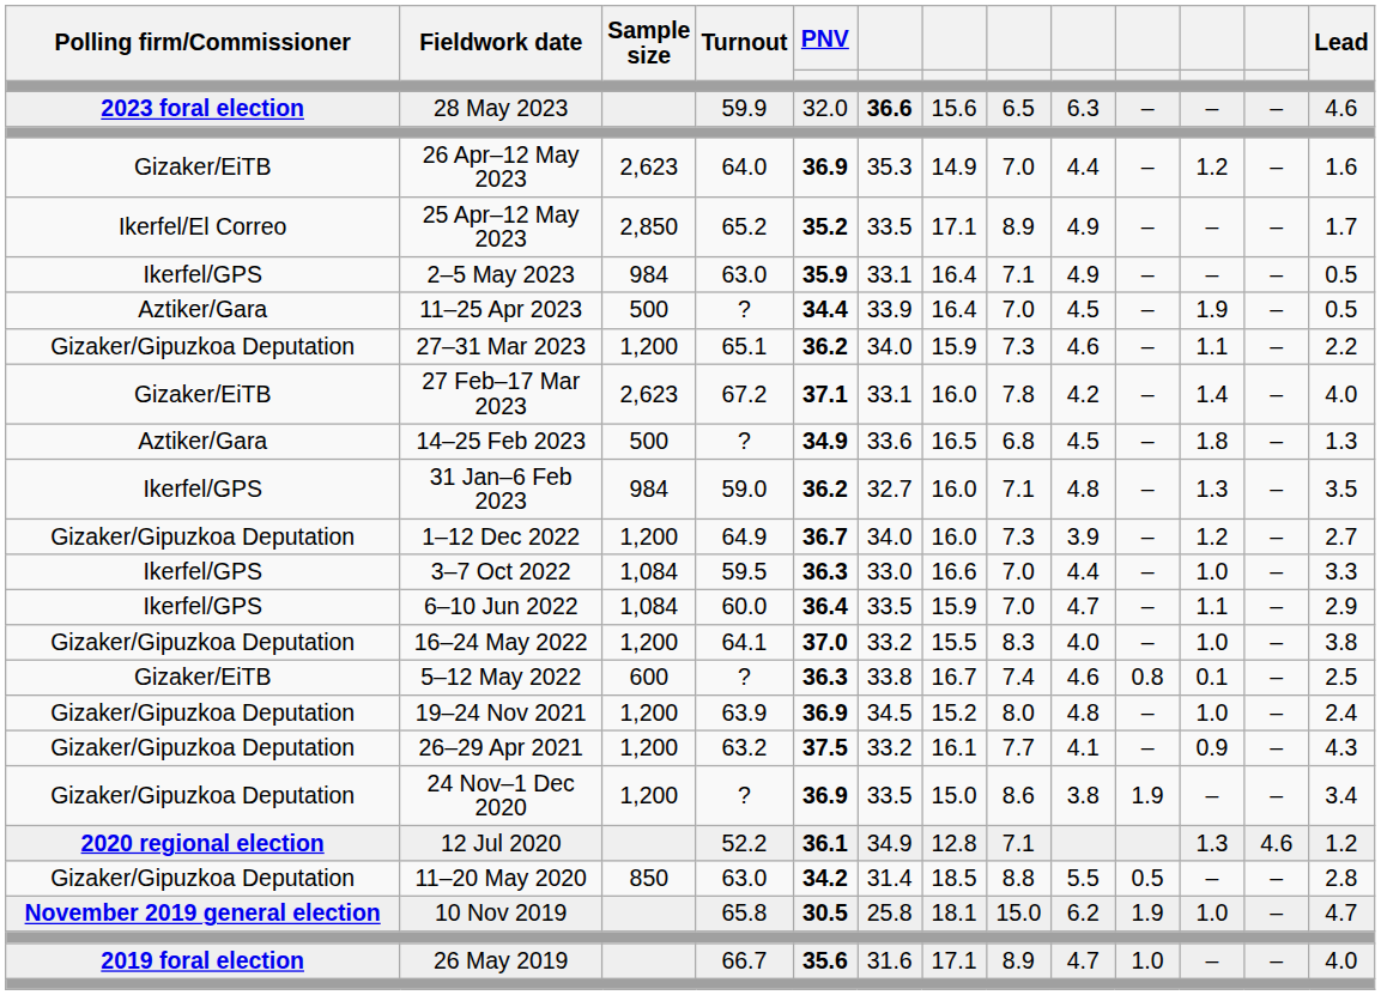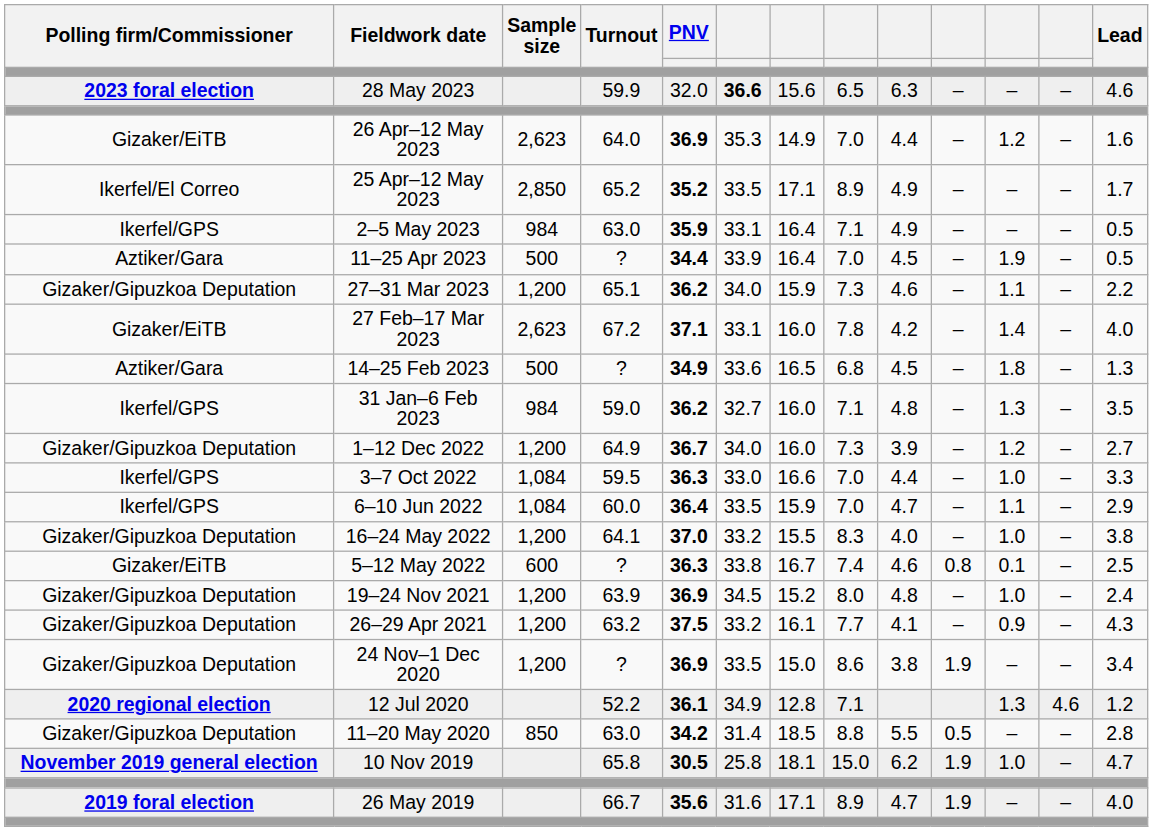 <table class="wikitable collapsible collapsed" style="text-align:center; font-size:95%; line-height:16px;">
 <tr style="height:42px;">
 <th style="width:250px;" rowspan="2">Polling firm/Commissioner</th>
 <th style="width:125px;" rowspan="2">Fieldwork date</th>
 <th style="width:50px;" rowspan="2">Sample size</th>
 <th style="width:45px;" rowspan="2">Turnout</th>
 <th style="width:35px;"><a href='#'>PNV</a></th>
 <th style="width:35px;"></th>
 <th style="width:35px;"></th>
 <th style="width:35px;"></th>
 <th style="width:35px;"></th>
 <th style="width:35px;"></th>
 <th style="width:35px;"></th>
 <th style="width:35px;"></th>
 <th style="width:30px;" rowspan="2">Lead</th>
 </tr>
 <tr>
 <th style="color:inherit;background:"></th>
 <th style="color:inherit;background:"></th>
 <th style="color:inherit;background:"></th>
 <th style="color:inherit;background:"></th>
 <th style="color:inherit;background:"></th>
 <th style="color:inherit;background:"></th>
 <th style="color:inherit;background:"></th>
 <th style="color:inherit;background:"></th>
 </tr>
 <tr>
 <td colspan="13" style="background:#A0A0A0"></td>
 </tr>
 <tr style="background:#EFEFEF;">
 <td><strong><a href='#'>2023 foral election</a></strong></td>
 <td>28 May 2023</td>
 <td></td>
 <td>59.9</td>
 <td>32.0<br></td>
 <td><strong>36.6</strong><br></td>
 <td>15.6<br></td>
 <td>6.5<br></td>
 <td>6.3<br></td>
 <td>–</td>
 <td>–</td>
 <td>–</td>
 <td style="background:">4.6</td>
 </tr>
 <tr>
 <td colspan="13" style="background:#A0A0A0"></td>
 </tr>
 <tr>
 <td>Gizaker/EiTB</td>
 <td>26 Apr–12 May 2023</td>
 <td>2,623</td>
 <td>64.0</td>
 <td><strong>36.9</strong><br></td>
 <td>35.3<br></td>
 <td>14.9<br></td>
 <td>7.0<br></td>
 <td>4.4<br></td>
 <td>–</td>
 <td>1.2<br></td>
 <td>–</td>
 <td style="background:">1.6</td>
 </tr>
 <tr>
 <td>Ikerfel/El Correo</td>
 <td>25 Apr–12 May 2023</td>
 <td>2,850</td>
 <td>65.2</td>
 <td><strong>35.2</strong><br></td>
 <td>33.5<br></td>
 <td>17.1<br></td>
 <td>8.9<br></td>
 <td>4.9<br></td>
 <td>–</td>
 <td>–</td>
 <td>–</td>
 <td style="background:">1.7</td>
 </tr>
 <tr>
 <td>Ikerfel/GPS</td>
 <td>2–5 May 2023</td>
 <td>984</td>
 <td>63.0</td>
 <td><strong>35.9</strong></td>
 <td>33.1</td>
 <td>16.4</td>
 <td>7.1</td>
 <td>4.9</td>
 <td>–</td>
 <td>–</td>
 <td>–</td>
 <td style="background:">0.5</td>
 </tr>
 <tr>
 <td>Aztiker/Gara</td>
 <td>11–25 Apr 2023</td>
 <td>500</td>
 <td>?</td>
 <td><strong>34.4</strong><br></td>
 <td>33.9<br></td>
 <td>16.4<br></td>
 <td>7.0<br></td>
 <td>4.5<br></td>
 <td>–</td>
 <td>1.9<br></td>
 <td>–</td>
 <td style="background:">0.5</td>
 </tr>
 <tr>
 <td>Gizaker/Gipuzkoa Deputation</td>
 <td>27–31 Mar 2023</td>
 <td>1,200</td>
 <td>65.1</td>
 <td><strong>36.2</strong><br></td>
 <td>34.0<br></td>
 <td>15.9<br></td>
 <td>7.3<br></td>
 <td>4.6<br></td>
 <td>–</td>
 <td>1.1<br></td>
 <td>–</td>
 <td style="background:">2.2</td>
 </tr>
 <tr>
 <td>Gizaker/EiTB</td>
 <td>27 Feb–17 Mar 2023</td>
 <td>2,623</td>
 <td>67.2</td>
 <td><strong>37.1</strong><br></td>
 <td>33.1<br></td>
 <td>16.0<br></td>
 <td>7.8<br></td>
 <td>4.2<br></td>
 <td>–</td>
 <td>1.4<br></td>
 <td>–</td>
 <td style="background:">4.0</td>
 </tr>
 <tr>
 <td>Aztiker/Gara</td>
 <td>14–25 Feb 2023</td>
 <td>500</td>
 <td>?</td>
 <td><strong>34.9</strong><br></td>
 <td>33.6<br></td>
 <td>16.5<br></td>
 <td>6.8<br></td>
 <td>4.5<br></td>
 <td>–</td>
 <td>1.8<br></td>
 <td>–</td>
 <td style="background:">1.3</td>
 </tr>
 <tr>
 <td>Ikerfel/GPS</td>
 <td>31 Jan–6 Feb 2023</td>
 <td>984</td>
 <td>59.0</td>
 <td><strong>36.2</strong></td>
 <td>32.7</td>
 <td>16.0</td>
 <td>7.1</td>
 <td>4.8</td>
 <td>–</td>
 <td>1.3</td>
 <td>–</td>
 <td style="background:">3.5</td>
 </tr>
 <tr>
 <td>Gizaker/Gipuzkoa Deputation</td>
 <td>1–12 Dec 2022</td>
 <td>1,200</td>
 <td>64.9</td>
 <td><strong>36.7</strong><br></td>
 <td>34.0<br></td>
 <td>16.0<br></td>
 <td>7.3<br></td>
 <td>3.9<br></td>
 <td>–</td>
 <td>1.2<br></td>
 <td>–</td>
 <td style="background:">2.7</td>
 </tr>
 <tr>
 <td>Ikerfel/GPS</td>
 <td>3–7 Oct 2022</td>
 <td>1,084</td>
 <td>59.5</td>
 <td><strong>36.3</strong></td>
 <td>33.0</td>
 <td>16.6</td>
 <td>7.0</td>
 <td>4.4</td>
 <td>–</td>
 <td>1.0</td>
 <td>–</td>
 <td style="background:">3.3</td>
 </tr>
 <tr>
 <td>Ikerfel/GPS</td>
 <td>6–10 Jun 2022</td>
 <td>1,084</td>
 <td>60.0</td>
 <td><strong>36.4</strong></td>
 <td>33.5</td>
 <td>15.9</td>
 <td>7.0</td>
 <td>4.7</td>
 <td>–</td>
 <td>1.1</td>
 <td>–</td>
 <td style="background:">2.9</td>
 </tr>
 <tr>
 <td>Gizaker/Gipuzkoa Deputation</td>
 <td>16–24 May 2022</td>
 <td>1,200</td>
 <td>64.1</td>
 <td><strong>37.0</strong><br></td>
 <td>33.2<br></td>
 <td>15.5<br></td>
 <td>8.3<br></td>
 <td>4.0<br></td>
 <td>–</td>
 <td>1.0<br></td>
 <td>–</td>
 <td style="background:">3.8</td>
 </tr>
 <tr>
 <td>Gizaker/EiTB</td>
 <td>5–12 May 2022</td>
 <td>600</td>
 <td>?</td>
 <td><strong>36.3</strong></td>
 <td>33.8</td>
 <td>16.7</td>
 <td>7.4</td>
 <td>4.6</td>
 <td>0.8</td>
 <td>0.1</td>
 <td>–</td>
 <td style="background:">2.5</td>
 </tr>
 <tr>
 <td>Gizaker/Gipuzkoa Deputation</td>
 <td>19–24 Nov 2021</td>
 <td>1,200</td>
 <td>63.9</td>
 <td><strong>36.9</strong><br></td>
 <td>34.5<br></td>
 <td>15.2<br></td>
 <td>8.0<br></td>
 <td>4.8<br></td>
 <td>–</td>
 <td>1.0<br></td>
 <td>–</td>
 <td style="background:">2.4</td>
 </tr>
 <tr>
 <td>Gizaker/Gipuzkoa Deputation</td>
 <td>26–29 Apr 2021</td>
 <td>1,200</td>
 <td>63.2</td>
 <td><strong>37.5</strong><br></td>
 <td>33.2<br></td>
 <td>16.1<br></td>
 <td>7.7<br></td>
 <td>4.1<br></td>
 <td>–</td>
 <td>0.9<br></td>
 <td>–</td>
 <td style="background:">4.3</td>
 </tr>
 <tr>
 <td>Gizaker/Gipuzkoa Deputation</td>
 <td>24 Nov–1 Dec 2020</td>
 <td>1,200</td>
 <td>?</td>
 <td><strong>36.9</strong><br></td>
 <td>33.5<br></td>
 <td>15.0<br></td>
 <td>8.6<br></td>
 <td>3.8<br></td>
 <td>1.9</td>
 <td>–</td>
 <td>–</td>
 <td style="background:">3.4</td>
 </tr>
 <tr style="background:#EFEFEF;">
 <td><strong><a href='#'>2020 regional election</a></strong></td>
 <td>12 Jul 2020</td>
 <td></td>
 <td>52.2</td>
 <td><strong>36.1</strong></td>
 <td>34.9</td>
 <td>12.8</td>
 <td>7.1</td>
 <td></td>
 <td></td>
 <td>1.3</td>
 <td>4.6</td>
 <td style="background:">1.2</td>
 </tr>
 <tr>
 <td>Gizaker/Gipuzkoa Deputation</td>
 <td>11–20 May 2020</td>
 <td>850</td>
 <td>63.0</td>
 <td><strong>34.2</strong></td>
 <td>31.4</td>
 <td>18.5</td>
 <td>8.8</td>
 <td>5.5</td>
 <td>0.5</td>
 <td>–</td>
 <td>–</td>
 <td style="background:">2.8</td>
 </tr>
 <tr style="background:#EFEFEF;">
 <td><strong><a href='#'>November 2019 general election</a></strong></td>
 <td>10 Nov 2019</td>
 <td></td>
 <td>65.8</td>
 <td><strong>30.5</strong></td>
 <td>25.8</td>
 <td>18.1</td>
 <td>15.0</td>
 <td>6.2</td>
 <td>1.9</td>
 <td>1.0</td>
 <td>–</td>
 <td style="background:">4.7</td>
 </tr>
 <tr>
 <td colspan="13" style="background:#A0A0A0"></td>
 </tr>
 <tr style="background:#EFEFEF;">
 <td><strong><a href='#'>2019 foral election</a></strong></td>
 <td>26 May 2019</td>
 <td></td>
 <td>66.7</td>
 <td><strong>35.6</strong><br></td>
 <td>31.6<br></td>
 <td>17.1<br></td>
 <td>8.9<br></td>
 <td>4.7<br></td>
-<td>1.0<br></td>
+<td>1.9</td>
 <td>–</td>
 <td>–</td>
 <td style="background:">4.0</td>
 </tr>
 <tr>
 <td colspan="13" style="background:#A0A0A0"></td>
 </tr>
 </table>
